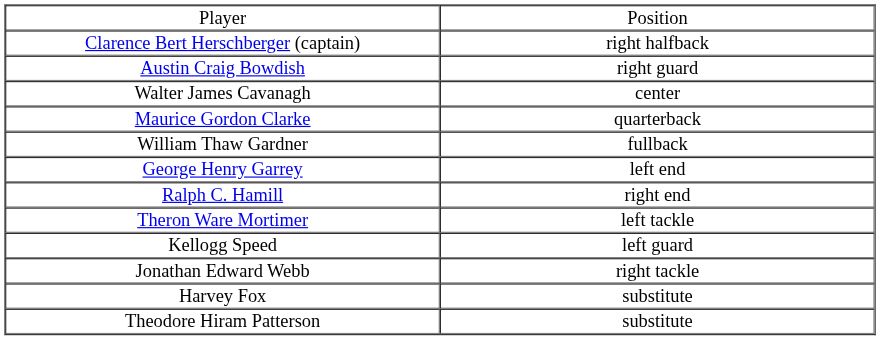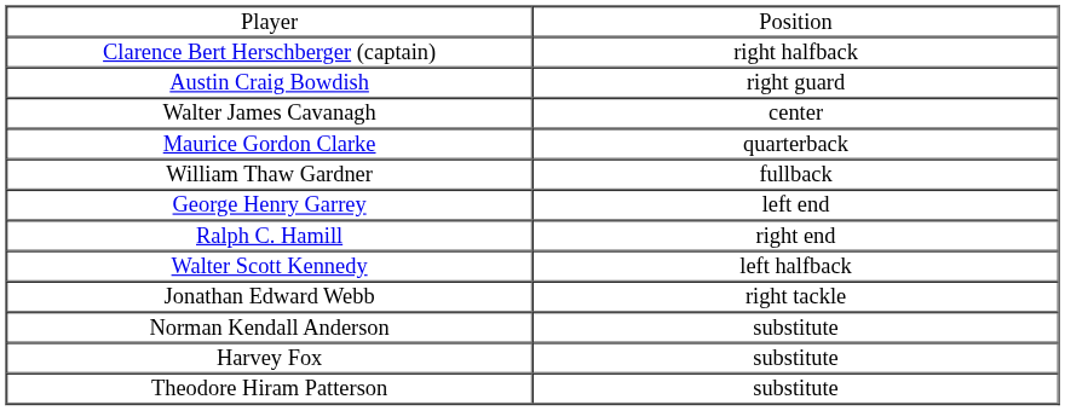 <table cellpadding="1" border="1" cellspacing="0" width="60%" style="text-align:center;">
 <tr>
 <td>Player</td>
 <td>Position</td>
 </tr>
 <tr align="center" bgcolor="">
 <td><a href='#'>Clarence Bert Herschberger</a> (captain)</td>
 <td>right halfback</td>
 </tr>
 <tr align="center" bgcolor="">
 <td><a href='#'>Austin Craig Bowdish</a></td>
 <td>right guard</td>
 </tr>
 <tr align="center" bgcolor="">
 <td width="250">Walter James Cavanagh</td>
 <td width="250">center</td>
 </tr>
 <tr align="center" bgcolor="">
 <td><a href='#'>Maurice Gordon Clarke</a></td>
 <td>quarterback</td>
 </tr>
 <tr align="center" bgcolor="">
 <td>William Thaw Gardner</td>
 <td>fullback</td>
 </tr>
 <tr align="center" bgcolor="">
 <td><a href='#'>George Henry Garrey</a></td>
 <td>left end</td>
 </tr>
 <tr align="center" bgcolor="">
 <td><a href='#'>Ralph C. Hamill</a></td>
 <td>right end</td>
 </tr>
 <tr align="center" bgcolor="">
-<td><a href='#'>Theron Ware Mortimer</a></td>
-<td>left tackle</td>
-</tr>
-<tr align="center" bgcolor="">
-<td>Kellogg Speed</td>
-<td>left guard</td>
+<td><a href='#'>Walter Scott Kennedy</a></td>
+<td>left halfback</td>
 </tr>
 <tr align="center" bgcolor="">
 <td>Jonathan Edward Webb</td>
 <td>right tackle</td>
+</tr>
+<tr align="center" bgcolor="">
+<td>Norman Kendall Anderson</td>
+<td>substitute</td>
 </tr>
 <tr align="center" bgcolor="">
 <td>Harvey Fox</td>
 <td>substitute</td>
 </tr>
 <tr align="center" bgcolor="">
 <td>Theodore Hiram Patterson</td>
 <td>substitute</td>
 </tr>
 <tr align="center" bgcolor="">
 </tr>
 </table>
